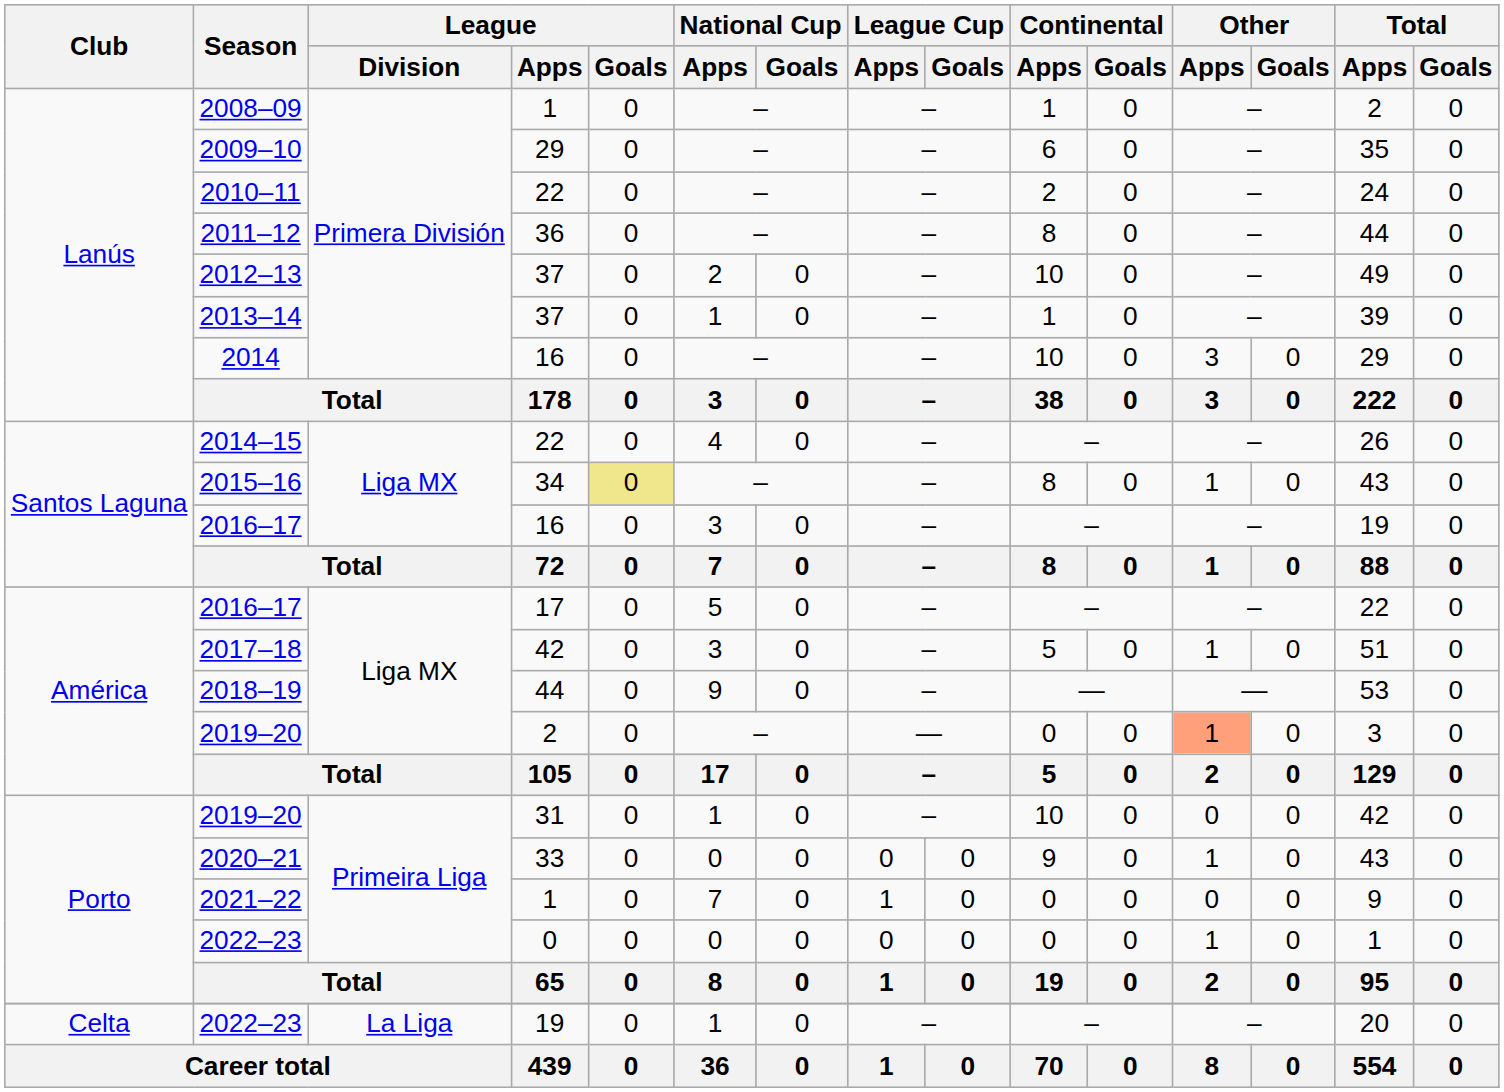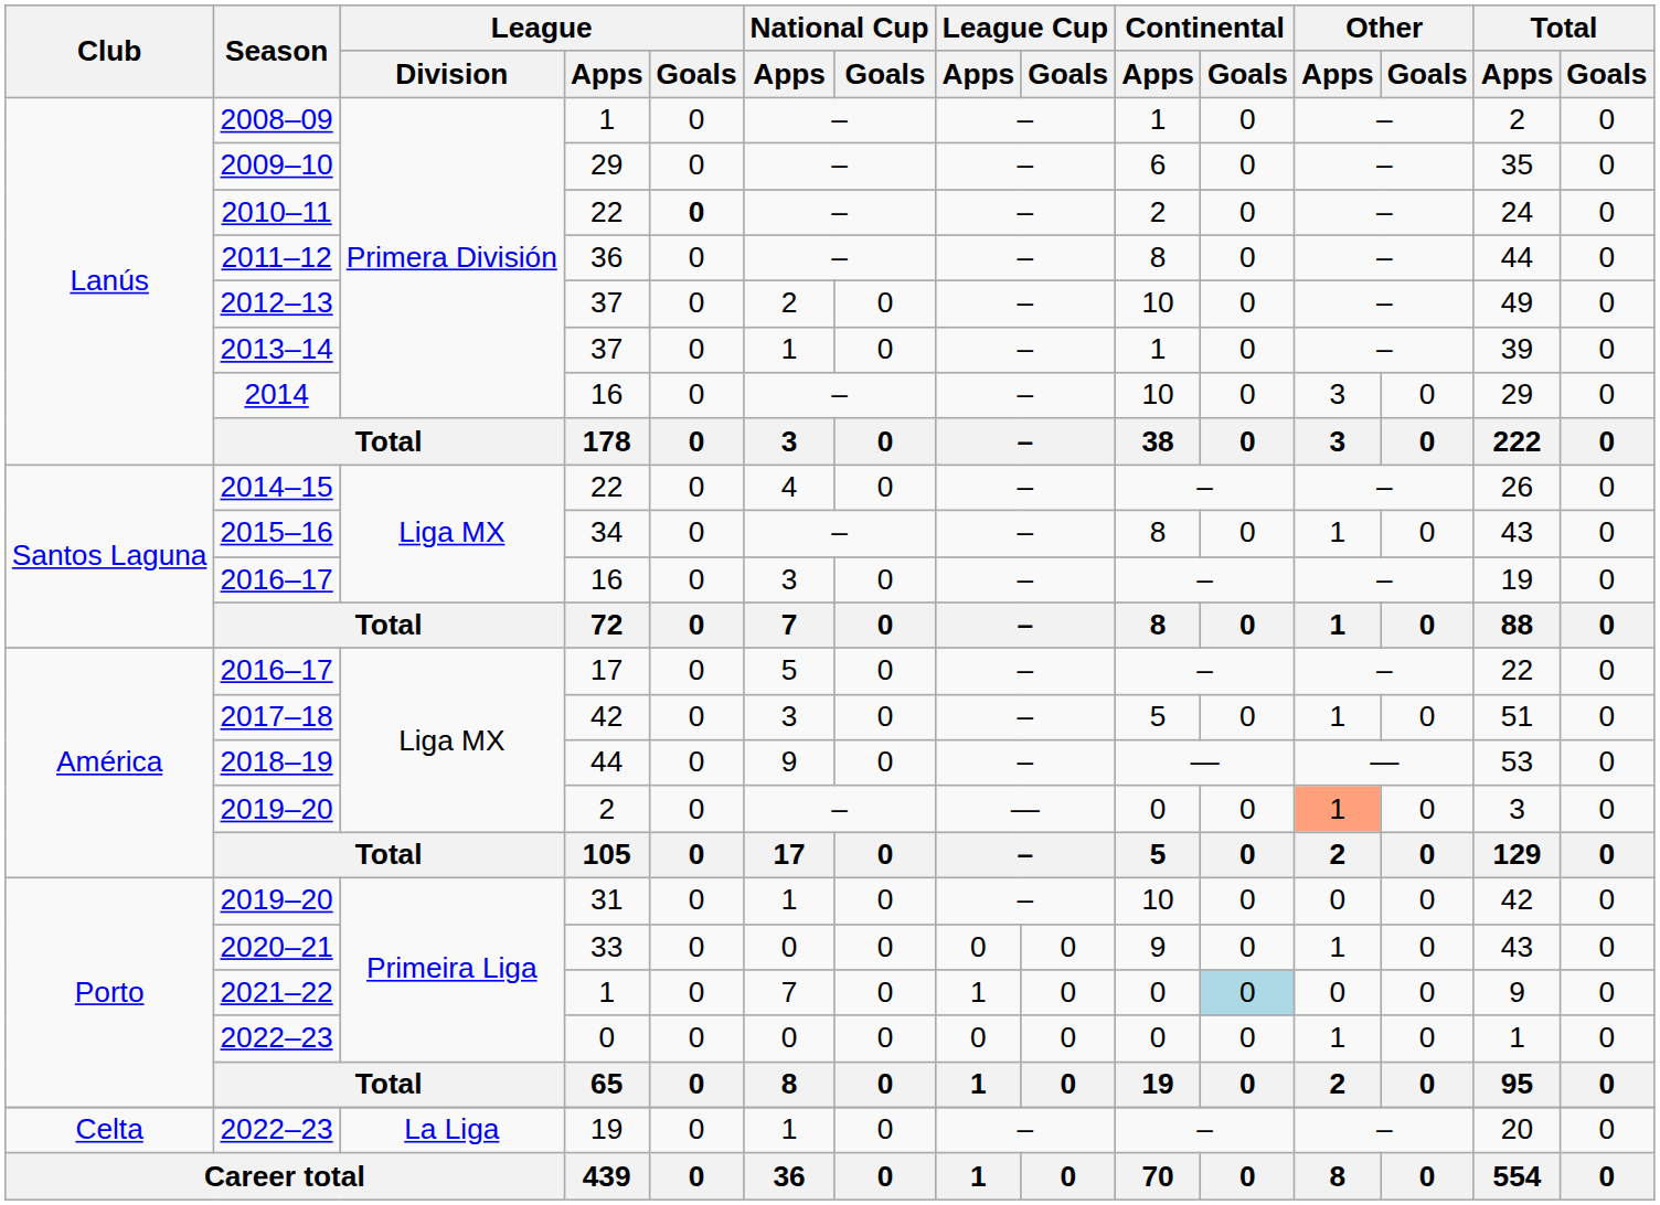 <table class="wikitable" style="text-align:center">
 <tr>
 <th rowspan="2">Club</th>
 <th rowspan="2">Season</th>
 <th colspan="3">League</th>
 <th colspan="2">National Cup</th>
 <th colspan="2">League Cup</th>
 <th colspan="2">Continental</th>
 <th colspan="2">Other</th>
 <th colspan="2">Total</th>
 </tr>
 <tr>
 <th>Division</th>
 <th>Apps</th>
 <th>Goals</th>
 <th>Apps</th>
 <th>Goals</th>
 <th>Apps</th>
 <th>Goals</th>
 <th>Apps</th>
 <th>Goals</th>
 <th>Apps</th>
 <th>Goals</th>
 <th>Apps</th>
 <th>Goals</th>
 </tr>
 <tr>
 <td rowspan="8"><a href='#'>Lanús</a></td>
 <td><a href='#'>2008–09</a></td>
 <td rowspan="7"><a href='#'>Primera División</a></td>
 <td>1</td>
 <td>0</td>
 <td colspan="2">–</td>
 <td colspan="2">–</td>
 <td>1</td>
 <td>0</td>
 <td colspan="2">–</td>
 <td>2</td>
 <td>0</td>
 </tr>
 <tr>
 <td><a href='#'>2009–10</a></td>
 <td>29</td>
 <td>0</td>
 <td colspan="2">–</td>
 <td colspan="2">–</td>
 <td>6</td>
 <td>0</td>
 <td colspan="2">–</td>
 <td>35</td>
 <td>0</td>
 </tr>
 <tr>
 <td><a href='#'>2010–11</a></td>
 <td>22</td>
-<td>0</td>
+<td><strong>0</strong></td>
 <td colspan="2">–</td>
 <td colspan="2">–</td>
 <td>2</td>
 <td>0</td>
 <td colspan="2">–</td>
 <td>24</td>
 <td>0</td>
 </tr>
 <tr>
 <td><a href='#'>2011–12</a></td>
 <td>36</td>
 <td>0</td>
 <td colspan="2">–</td>
 <td colspan="2">–</td>
 <td>8</td>
 <td>0</td>
 <td colspan="2">–</td>
 <td>44</td>
 <td>0</td>
 </tr>
 <tr>
 <td><a href='#'>2012–13</a></td>
 <td>37</td>
 <td>0</td>
 <td>2</td>
 <td>0</td>
 <td colspan="2">–</td>
 <td>10</td>
 <td>0</td>
 <td colspan="2">–</td>
 <td>49</td>
 <td>0</td>
 </tr>
 <tr>
 <td><a href='#'>2013–14</a></td>
 <td>37</td>
 <td>0</td>
 <td>1</td>
 <td>0</td>
 <td colspan="2">–</td>
 <td>1</td>
 <td>0</td>
 <td colspan="2">–</td>
 <td>39</td>
 <td>0</td>
 </tr>
 <tr>
 <td><a href='#'>2014</a></td>
 <td>16</td>
 <td>0</td>
 <td colspan="2">–</td>
 <td colspan="2">–</td>
 <td>10</td>
 <td>0</td>
 <td>3</td>
 <td>0</td>
 <td>29</td>
 <td>0</td>
 </tr>
 <tr>
 <th colspan="2">Total</th>
 <th>178</th>
 <th>0</th>
 <th>3</th>
 <th>0</th>
 <th colspan="2">–</th>
 <th>38</th>
 <th>0</th>
 <th>3</th>
 <th>0</th>
 <th>222</th>
 <th>0</th>
 </tr>
 <tr>
 <td rowspan="4"><a href='#'>Santos Laguna</a></td>
 <td><a href='#'>2014–15</a></td>
 <td rowspan="3"><a href='#'>Liga MX</a></td>
 <td>22</td>
 <td>0</td>
 <td>4</td>
 <td>0</td>
 <td colspan="2">–</td>
 <td colspan="2">–</td>
 <td colspan="2">–</td>
 <td>26</td>
 <td>0</td>
 </tr>
 <tr>
 <td><a href='#'>2015–16</a></td>
 <td>34</td>
-<td style="background: khaki;">0</td>
+<td>0</td>
 <td colspan="2">–</td>
 <td colspan="2">–</td>
 <td>8</td>
 <td>0</td>
 <td>1</td>
 <td>0</td>
 <td>43</td>
 <td>0</td>
 </tr>
 <tr>
 <td><a href='#'>2016–17</a></td>
 <td>16</td>
 <td>0</td>
 <td>3</td>
 <td>0</td>
 <td colspan="2">–</td>
 <td colspan="2">–</td>
 <td colspan="2">–</td>
 <td>19</td>
 <td>0</td>
 </tr>
 <tr>
 <th colspan="2">Total</th>
 <th>72</th>
 <th>0</th>
 <th>7</th>
 <th>0</th>
 <th colspan="2">–</th>
 <th>8</th>
 <th>0</th>
 <th>1</th>
 <th>0</th>
 <th>88</th>
 <th>0</th>
 </tr>
 <tr>
 <td rowspan="5"><a href='#'>América</a></td>
 <td><a href='#'>2016–17</a></td>
 <td rowspan="4">Liga MX</td>
 <td>17</td>
 <td>0</td>
 <td>5</td>
 <td>0</td>
 <td colspan="2">–</td>
 <td colspan="2">–</td>
 <td colspan="2">–</td>
 <td>22</td>
 <td>0</td>
 </tr>
 <tr>
 <td><a href='#'>2017–18</a></td>
 <td>42</td>
 <td>0</td>
 <td>3</td>
 <td>0</td>
 <td colspan="2">–</td>
 <td>5</td>
 <td>0</td>
 <td>1</td>
 <td>0</td>
 <td>51</td>
 <td>0</td>
 </tr>
 <tr>
 <td><a href='#'>2018–19</a></td>
 <td>44</td>
 <td>0</td>
 <td>9</td>
 <td>0</td>
 <td colspan="2">–</td>
 <td colspan="2">—</td>
 <td colspan="2">—</td>
 <td>53</td>
 <td>0</td>
 </tr>
 <tr>
 <td><a href='#'>2019–20</a></td>
 <td>2</td>
 <td>0</td>
 <td colspan="2">–</td>
 <td colspan="2">—</td>
 <td>0</td>
 <td>0</td>
 <td style="background: lightsalmon;">1</td>
 <td>0</td>
 <td>3</td>
 <td>0</td>
 </tr>
 <tr>
 <th colspan="2">Total</th>
 <th>105</th>
 <th>0</th>
 <th>17</th>
 <th>0</th>
 <th colspan="2">–</th>
 <th>5</th>
 <th>0</th>
 <th>2</th>
 <th>0</th>
 <th>129</th>
 <th>0</th>
 </tr>
 <tr>
 <td rowspan="5"><a href='#'>Porto</a></td>
 <td><a href='#'>2019–20</a></td>
 <td rowspan="4"><a href='#'>Primeira Liga</a></td>
 <td>31</td>
 <td>0</td>
 <td>1</td>
 <td>0</td>
 <td colspan="2">–</td>
 <td>10</td>
 <td>0</td>
 <td>0</td>
 <td>0</td>
 <td>42</td>
 <td>0</td>
 </tr>
 <tr>
 <td><a href='#'>2020–21</a></td>
 <td>33</td>
 <td>0</td>
 <td>0</td>
 <td>0</td>
 <td>0</td>
 <td>0</td>
 <td>9</td>
 <td>0</td>
 <td>1</td>
 <td>0</td>
 <td>43</td>
 <td>0</td>
 </tr>
 <tr>
 <td><a href='#'>2021–22</a></td>
 <td>1</td>
 <td>0</td>
 <td>7</td>
 <td>0</td>
 <td>1</td>
 <td>0</td>
 <td>0</td>
-<td>0</td>
+<td style="background: lightblue;">0</td>
 <td>0</td>
 <td>0</td>
 <td>9</td>
 <td>0</td>
 </tr>
 <tr>
 <td><a href='#'>2022–23</a></td>
 <td>0</td>
 <td>0</td>
 <td>0</td>
 <td>0</td>
 <td>0</td>
 <td>0</td>
 <td>0</td>
 <td>0</td>
 <td>1</td>
 <td>0</td>
 <td>1</td>
 <td>0</td>
 </tr>
 <tr>
 <th colspan="2">Total</th>
 <th>65</th>
 <th>0</th>
 <th>8</th>
 <th>0</th>
 <th>1</th>
 <th>0</th>
 <th>19</th>
 <th>0</th>
 <th>2</th>
 <th>0</th>
 <th>95</th>
 <th>0</th>
 </tr>
 <tr>
 </tr>
 <tr>
 <td><a href='#'>Celta</a></td>
 <td><a href='#'>2022–23</a></td>
 <td><a href='#'>La Liga</a></td>
 <td>19</td>
 <td>0</td>
 <td>1</td>
 <td>0</td>
 <td colspan="2">–</td>
 <td colspan="2">–</td>
 <td colspan="2">–</td>
 <td>20</td>
 <td>0</td>
 </tr>
 <tr>
 <th colspan="3">Career total</th>
 <th>439</th>
 <th>0</th>
 <th>36</th>
 <th>0</th>
 <th>1</th>
 <th>0</th>
 <th>70</th>
 <th>0</th>
 <th>8</th>
 <th>0</th>
 <th>554</th>
 <th>0</th>
 </tr>
 </table>
